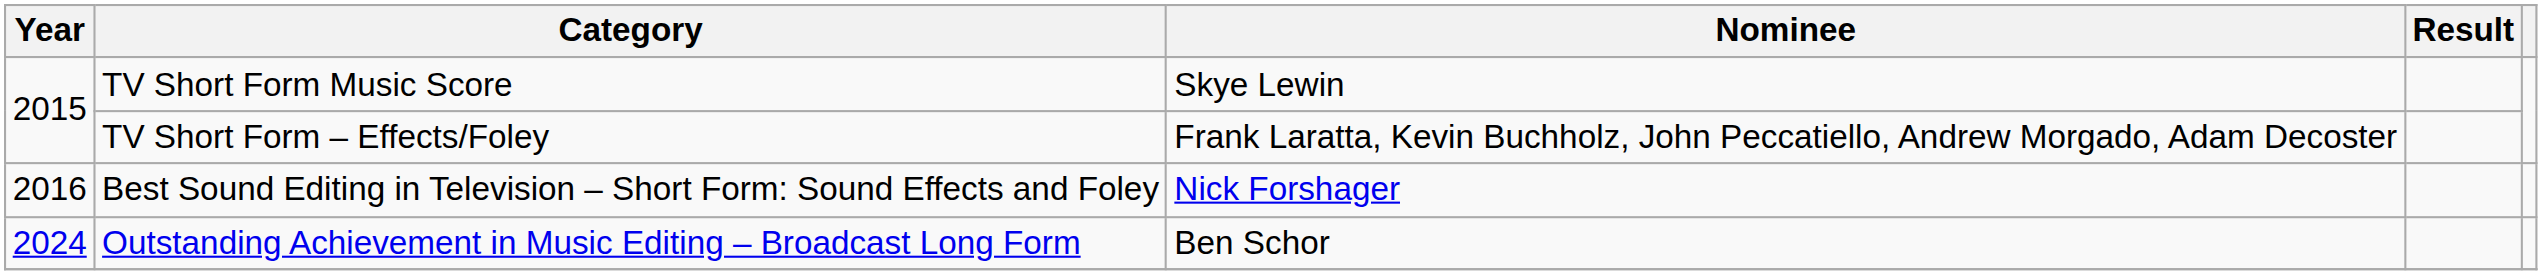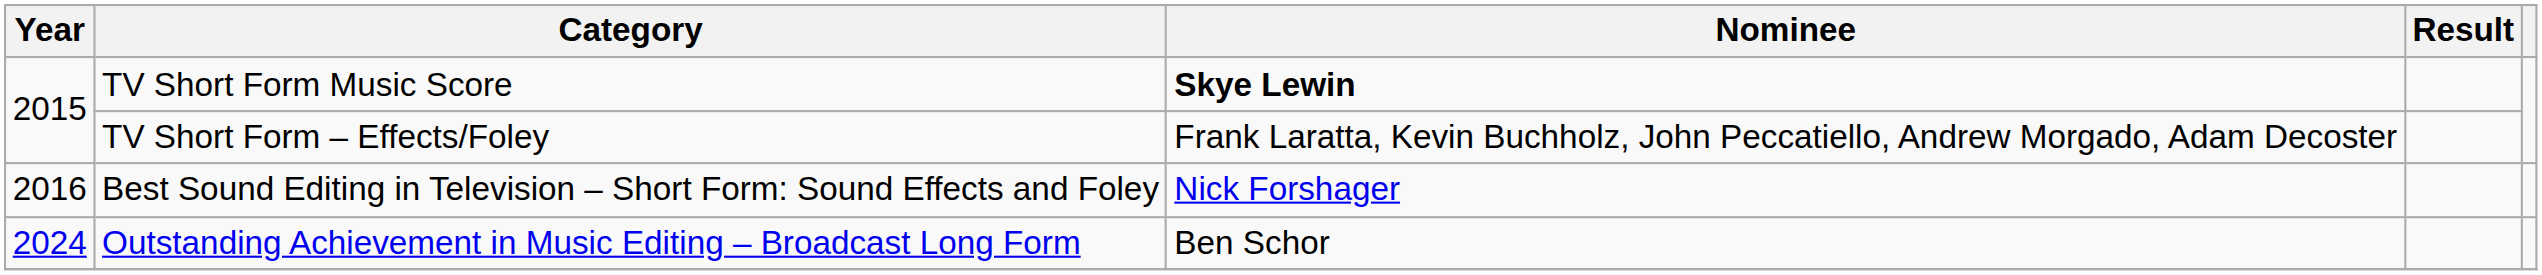 <table class="wikitable sortable">
 <tr>
 <th scope="col">Year</th>
 <th scope="col">Category</th>
 <th scope="col">Nominee</th>
 <th scope="col">Result</th>
 <th scope="col" class="unsortable"></th>
 </tr>
 <tr>
 <td rowspan="2">2015</td>
 <td scope="row">TV Short Form Music Score</td>
-<td>Skye Lewin </td>
+<td><strong>Skye Lewin </strong></td>
 <td></td>
 <td rowspan="2" style="text-align: center;"></td>
 </tr>
 <tr>
 <td scope="row">TV Short Form – Effects/Foley</td>
 <td>Frank Laratta, Kevin Buchholz, John Peccatiello, Andrew Morgado, Adam Decoster </td>
 <td></td>
 </tr>
 <tr>
 <td>2016</td>
 <td scope="row">Best Sound Editing in Television – Short Form: Sound Effects and Foley</td>
 <td><a href='#'>Nick Forshager</a></td>
 <td></td>
 <td style="text-align: center;"></td>
 </tr>
 <tr>
 <td><a href='#'>2024</a></td>
 <td><a href='#'>Outstanding Achievement in Music Editing – Broadcast Long Form</a></td>
 <td>Ben Schor </td>
 <td></td>
 <td style="text-align: center;"></td>
 </tr>
 <tr>
 </tr>
 </table>
